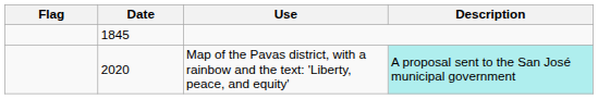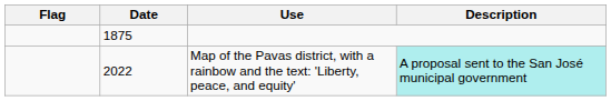 <table class="wikitable">
 <tr>
 <th style="width:110px;">Flag</th>
 <th style="width:100px;">Date</th>
 <th style="width:250px;">Use</th>
 <th style="width:250px;">Description</th>
 </tr>
 <tr>
 <td></td>
-<td>1845</td>
+<td>1875</td>
 </tr>
 <tr>
 <td></td>
-<td>2020</td>
+<td>2022</td>
 <td>Map of the Pavas district, with a rainbow and the text: 'Liberty, peace, and equity'</td>
 <td style="background: paleturquoise;">A proposal sent to the San José municipal government</td>
 </tr>
 </table>
